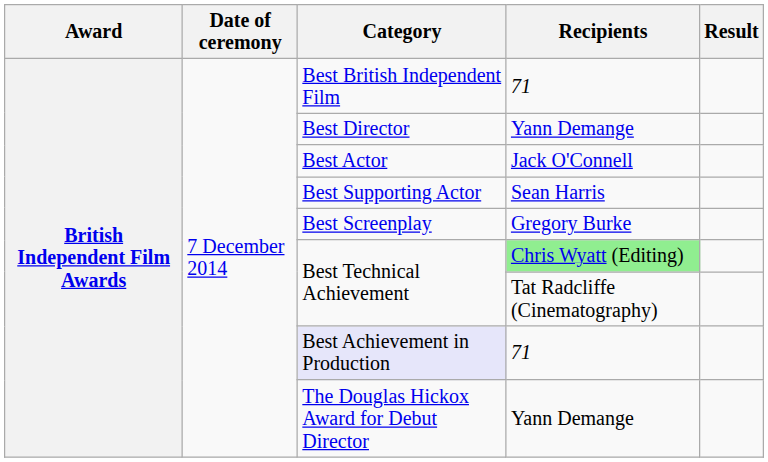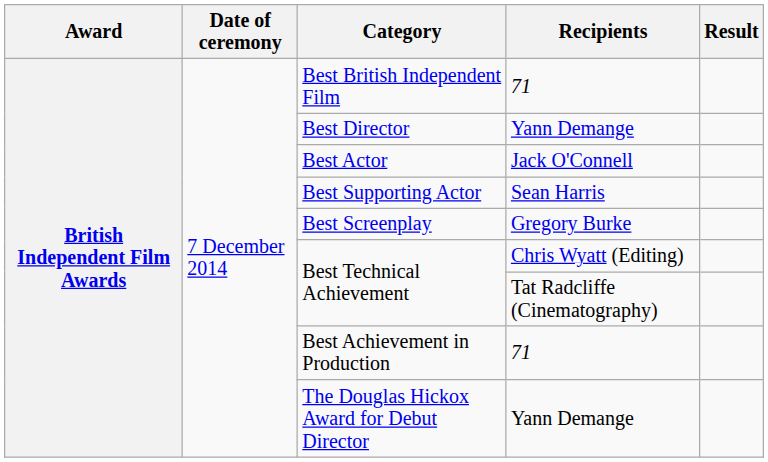 <table class="wikitable plainrowheaders sortable">
 <tr>
 <th scope="col">Award</th>
 <th scope="col">Date of ceremony</th>
 <th scope="col">Category</th>
 <th scope="col">Recipients</th>
 <th scope="col">Result</th>
 </tr>
 <tr>
 <th scope="row" rowspan="9"><a href='#'>British Independent Film Awards</a></th>
 <td rowspan="9"><a href='#'>7 December 2014</a></td>
 <td><a href='#'>Best British Independent Film</a></td>
 <td><em>71</em></td>
 <td></td>
 </tr>
 <tr>
 <td><a href='#'>Best Director</a></td>
 <td><a href='#'>Yann Demange</a></td>
 <td></td>
 </tr>
 <tr>
 <td><a href='#'>Best Actor</a></td>
 <td><a href='#'>Jack O'Connell</a></td>
 <td></td>
 </tr>
 <tr>
 <td><a href='#'>Best Supporting Actor</a></td>
 <td><a href='#'>Sean Harris</a></td>
 <td></td>
 </tr>
 <tr>
 <td><a href='#'>Best Screenplay</a></td>
 <td><a href='#'>Gregory Burke</a></td>
 <td></td>
 </tr>
 <tr>
 <td rowspan="2">Best Technical Achievement</td>
-<td style="background: lightgreen;"><a href='#'>Chris Wyatt</a> (Editing)</td>
+<td><a href='#'>Chris Wyatt</a> (Editing)</td>
 <td></td>
 </tr>
 <tr>
 <td>Tat Radcliffe (Cinematography)</td>
 <td></td>
 </tr>
 <tr>
-<td style="background: lavender;">Best Achievement in Production</td>
+<td>Best Achievement in Production</td>
 <td><em>71</em></td>
 <td></td>
 </tr>
 <tr>
 <td><a href='#'>The Douglas Hickox Award for Debut Director</a></td>
 <td>Yann Demange</td>
 <td></td>
 </tr>
 </table>
